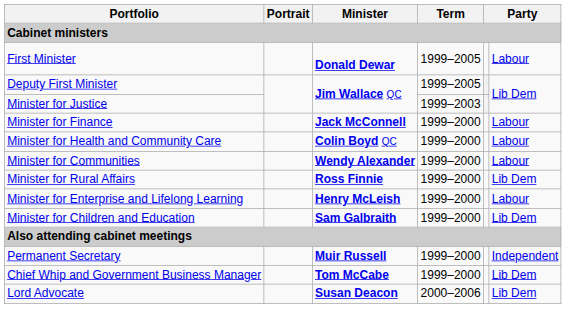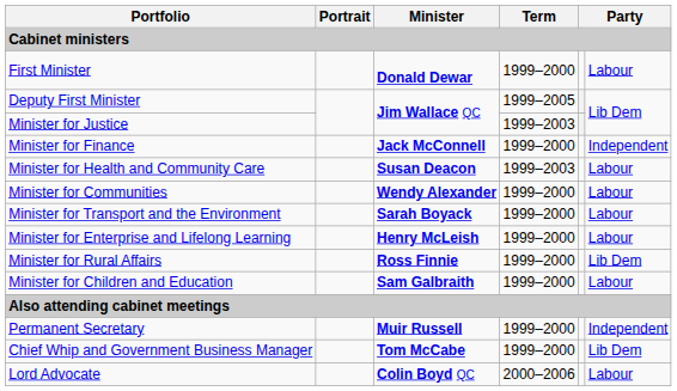 <table class="wikitable">
 <tr>
 <th>Portfolio</th>
 <th>Portrait</th>
 <th>Minister</th>
 <th>Term</th>
 <th colspan="2">Party</th>
 </tr>
 <tr>
 <td colspan="6" style="background:#ccc;"><strong>Cabinet ministers</strong></td>
 </tr>
 <tr>
 <td><a href='#'>First Minister</a></td>
 <td></td>
 <td><br><strong><a href='#'>Donald Dewar</a></strong> </td>
-<td>1999–2005</td>
+<td>1999–2000</td>
 <td ! style="background-color: "></td>
 <td><a href='#'>Labour</a></td>
 </tr>
 <tr>
 <td><a href='#'>Deputy First Minister</a></td>
 <td rowspan="2"></td>
 <td rowspan="2"><strong><a href='#'>Jim Wallace</a></strong> <a href='#'><small>QC</small></a> </td>
 <td>1999–2005</td>
 <th style="background-color: "></th>
 <td rowspan="2"><a href='#'>Lib Dem</a></td>
 </tr>
 <tr>
 <td><a href='#'>Minister for Justice</a></td>
 <td>1999–2003</td>
 <th style="background-color: "></th>
 </tr>
 <tr>
 <td><a href='#'>Minister for Finance</a></td>
 <td></td>
 <td><strong><a href='#'>Jack McConnell</a></strong> </td>
 <td>1999–2000</td>
 <td ! style="background-color: "></td>
-<td><a href='#'>Labour</a></td>
+<td><a href='#'>Independent</a></td>
 </tr>
 <tr>
 <td><a href='#'>Minister for Health and Community Care</a></td>
 <td></td>
-<td> <strong><a href='#'>Colin Boyd</a></strong> <a href='#'><small>QC</small></a></td>
-<td>1999–2000</td>
+<td><strong><a href='#'>Susan Deacon</a></strong> </td>
+<td>1999–2003</td>
 <td ! style="background-color: "></td>
 <td><a href='#'>Labour</a></td>
 </tr>
 <tr>
 <td><a href='#'>Minister for Communities</a></td>
 <td></td>
 <td><strong><a href='#'>Wendy Alexander</a></strong> </td>
+<td>1999–2000</td>
+<td ! style="background-color: "></td>
+<td><a href='#'>Labour</a></td>
+</tr>
+<tr>
+<td><a href='#'>Minister for Transport and the Environment</a></td>
+<td></td>
+<td><strong><a href='#'>Sarah Boyack</a></strong> </td>
+<td>1999–2000</td>
+<td ! style="background-color: "></td>
+<td><a href='#'>Labour</a></td>
+</tr>
+<tr>
+<td><a href='#'>Minister for Enterprise and Lifelong Learning</a></td>
+<td></td>
+<td><strong><a href='#'>Henry McLeish</a></strong> </td>
 <td>1999–2000</td>
 <td ! style="background-color: "></td>
 <td><a href='#'>Labour</a></td>
 </tr>
 <tr>
 <td><a href='#'>Minister for Rural Affairs</a></td>
 <td></td>
 <td><strong><a href='#'>Ross Finnie</a></strong> </td>
 <td>1999–2000</td>
 <td ! style="background-color: "></td>
 <td><a href='#'>Lib Dem</a></td>
 </tr>
 <tr>
-<td><a href='#'>Minister for Enterprise and Lifelong Learning</a></td>
-<td></td>
-<td><strong><a href='#'>Henry McLeish</a></strong> </td>
-<td>1999–2000</td>
-<td ! style="background-color: "></td>
-<td><a href='#'>Labour</a></td>
-</tr>
-<tr>
 <td><a href='#'>Minister for Children and Education</a></td>
 <td></td>
 <td><strong><a href='#'>Sam Galbraith</a></strong> </td>
 <td>1999–2000</td>
 <td ! style="background-color: "></td>
-<td><a href='#'>Lib Dem</a></td>
+<td><a href='#'>Labour</a></td>
 </tr>
 <tr>
 <td colspan="6" style="background:#ccc;"><strong>Also attending cabinet meetings</strong></td>
 </tr>
 <tr>
 <td><a href='#'>Permanent Secretary</a></td>
 <td></td>
 <td><strong><a href='#'>Muir Russell</a></strong></td>
 <td>1999–2000</td>
 <td ! style="background-color: "></td>
 <td><a href='#'>Independent</a></td>
 </tr>
 <tr>
 <td><a href='#'>Chief Whip and Government Business Manager</a></td>
 <td></td>
 <td><strong><a href='#'>Tom McCabe</a></strong> </td>
 <td>1999–2000</td>
 <td ! style="background-color: "></td>
 <td><a href='#'>Lib Dem</a></td>
 </tr>
 <tr>
 <td><a href='#'>Lord Advocate</a></td>
 <td></td>
-<td><strong><a href='#'>Susan Deacon</a></strong> </td>
+<td> <strong><a href='#'>Colin Boyd</a></strong> <a href='#'><small>QC</small></a></td>
 <td>2000–2006</td>
 <td ! style="background-color: "></td>
-<td><a href='#'>Lib Dem</a></td>
+<td><a href='#'>Labour</a></td>
 </tr>
 </table>
